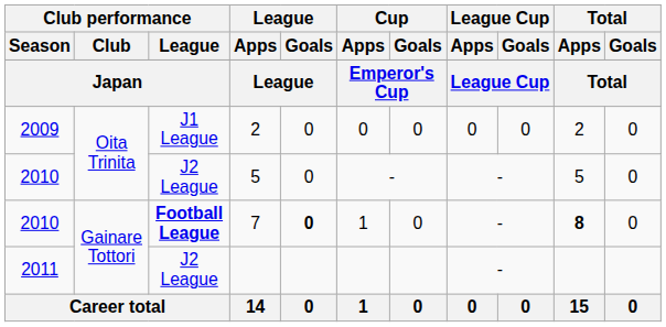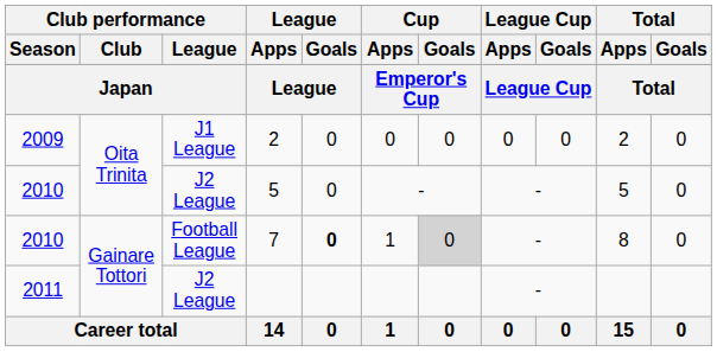 <table class="wikitable" style="text-align:center">
 <tr>
 <th colspan=3>Club performance</th>
 <th colspan=2>League</th>
 <th colspan=2>Cup</th>
 <th colspan=2>League Cup</th>
 <th colspan=2>Total</th>
 </tr>
 <tr>
 <th>Season</th>
 <th>Club</th>
 <th>League</th>
 <th>Apps</th>
 <th>Goals</th>
 <th>Apps</th>
 <th>Goals</th>
 <th>Apps</th>
 <th>Goals</th>
 <th>Apps</th>
 <th>Goals</th>
 </tr>
 <tr>
 </tr>
 <tr>
 <th colspan=3>Japan</th>
 <th colspan=2>League</th>
 <th colspan=2><a href='#'>Emperor's Cup</a></th>
 <th colspan=2><a href='#'>League Cup</a></th>
 <th colspan=2>Total</th>
 </tr>
 <tr>
 <td><a href='#'>2009</a></td>
 <td rowspan="2"><a href='#'>Oita Trinita</a></td>
 <td><a href='#'>J1 League</a></td>
 <td>2</td>
 <td>0</td>
 <td>0</td>
 <td>0</td>
 <td>0</td>
 <td>0</td>
 <td>2</td>
 <td>0</td>
 </tr>
 <tr>
 <td><a href='#'>2010</a></td>
 <td><a href='#'>J2 League</a></td>
 <td>5</td>
 <td>0</td>
 <td colspan="2">-</td>
 <td colspan="2">-</td>
 <td>5</td>
 <td>0</td>
 </tr>
 <tr>
 <td><a href='#'>2010</a></td>
 <td rowspan="2"><a href='#'>Gainare Tottori</a></td>
-<td><strong><a href='#'>Football League</a></strong></td>
+<td><a href='#'>Football League</a></td>
 <td>7</td>
 <td><strong>0</strong></td>
 <td>1</td>
-<td>0</td>
+<td style="background: lightgrey;">0</td>
 <td colspan="2">-</td>
-<td><strong>8</strong></td>
+<td>8</td>
 <td>0</td>
 </tr>
 <tr>
 <td><a href='#'>2011</a></td>
 <td><a href='#'>J2 League</a></td>
 <td></td>
 <td></td>
 <td></td>
 <td></td>
 <td colspan="2">-</td>
 <td></td>
 <td></td>
 </tr>
 <tr>
 <th colspan=3>Career total</th>
 <th>14</th>
 <th>0</th>
 <th>1</th>
 <th>0</th>
 <th>0</th>
 <th>0</th>
 <th>15</th>
 <th>0</th>
 </tr>
 </table>
